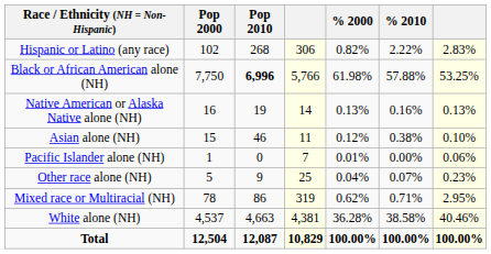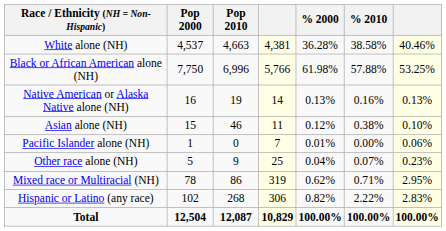 <table class="wikitable" style="text-align:center;">
 <tr>
 <th>Race / Ethnicity <small>(<em>NH = Non-Hispanic</em>)</small></th>
 <th>Pop 2000</th>
 <th>Pop 2010</th>
 <th></th>
 <th>% 2000</th>
 <th>% 2010</th>
 <th></th>
 </tr>
 <tr>
-<td><a href='#'>Hispanic or Latino</a> (any race)</td>
-<td>102</td>
-<td>268</td>
-<td style='background: #ffffe6;'>306</td>
-<td>0.82%</td>
-<td>2.22%</td>
-<td style='background: #ffffe6;'>2.83%</td>
+<td><a href='#'>White</a> alone (NH)</td>
+<td>4,537</td>
+<td>4,663</td>
+<td style='background: #ffffe6;'>4,381</td>
+<td>36.28%</td>
+<td>38.58%</td>
+<td style='background: #ffffe6;'>40.46%</td>
 </tr>
 <tr>
 <td><a href='#'>Black or African American</a> alone (NH)</td>
 <td>7,750</td>
-<td><strong>6,996</strong></td>
+<td>6,996</td>
 <td style='background: #ffffe6;'>5,766</td>
 <td>61.98%</td>
 <td>57.88%</td>
 <td style='background: #ffffe6;'>53.25%</td>
 </tr>
 <tr>
 <td><a href='#'>Native American</a> or <a href='#'>Alaska Native</a> alone (NH)</td>
 <td>16</td>
 <td>19</td>
 <td style='background: #ffffe6;'>14</td>
 <td>0.13%</td>
 <td>0.16%</td>
 <td style='background: #ffffe6;'>0.13%</td>
 </tr>
 <tr>
 <td><a href='#'>Asian</a> alone (NH)</td>
 <td>15</td>
 <td>46</td>
 <td style='background: #ffffe6;'>11</td>
 <td>0.12%</td>
 <td>0.38%</td>
 <td style='background: #ffffe6;'>0.10%</td>
 </tr>
 <tr>
 <td><a href='#'>Pacific Islander</a> alone (NH)</td>
 <td>1</td>
 <td>0</td>
 <td style='background: #ffffe6;'>7</td>
 <td>0.01%</td>
 <td>0.00%</td>
 <td style='background: #ffffe6;'>0.06%</td>
 </tr>
 <tr>
 <td><a href='#'>Other race</a> alone (NH)</td>
 <td>5</td>
 <td>9</td>
 <td style='background: #ffffe6;'>25</td>
 <td>0.04%</td>
 <td>0.07%</td>
 <td style='background: #ffffe6;'>0.23%</td>
 </tr>
 <tr>
 <td><a href='#'>Mixed race or Multiracial</a> (NH)</td>
 <td>78</td>
 <td>86</td>
 <td style='background: #ffffe6;'>319</td>
 <td>0.62%</td>
 <td>0.71%</td>
 <td style='background: #ffffe6;'>2.95%</td>
 </tr>
 <tr>
-<td><a href='#'>White</a> alone (NH)</td>
-<td>4,537</td>
-<td>4,663</td>
-<td style='background: #ffffe6;'>4,381</td>
-<td>36.28%</td>
-<td>38.58%</td>
-<td style='background: #ffffe6;'>40.46%</td>
+<td><a href='#'>Hispanic or Latino</a> (any race)</td>
+<td>102</td>
+<td>268</td>
+<td style='background: #ffffe6;'>306</td>
+<td>0.82%</td>
+<td>2.22%</td>
+<td style='background: #ffffe6;'>2.83%</td>
 </tr>
 <tr>
 <td><strong>Total</strong></td>
 <td><strong>12,504</strong></td>
 <td><strong>12,087</strong></td>
 <td style='background: #ffffe6;'><strong>10,829</strong></td>
 <td><strong>100.00%</strong></td>
 <td><strong>100.00%</strong></td>
 <td style='background: #ffffe6;'><strong>100.00%</strong></td>
 </tr>
 </table>
